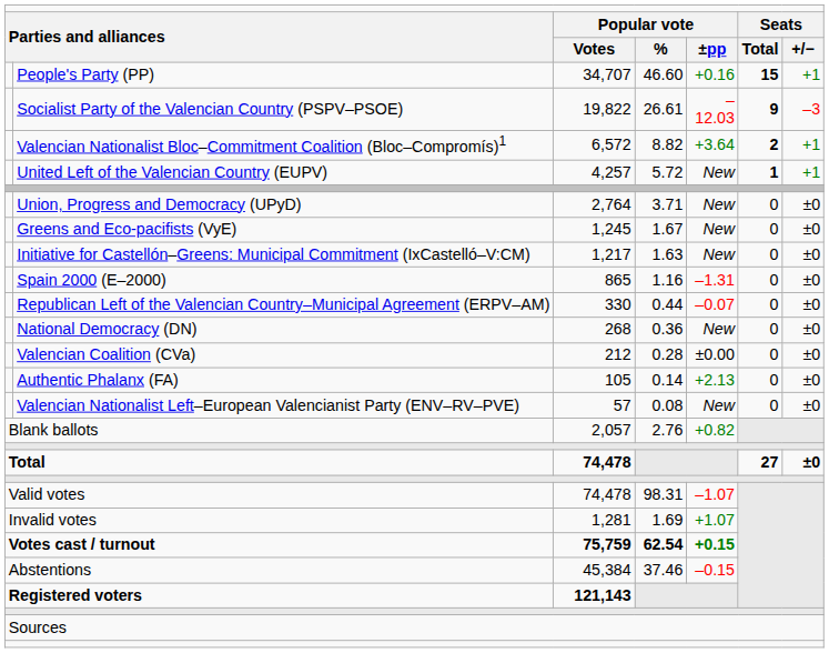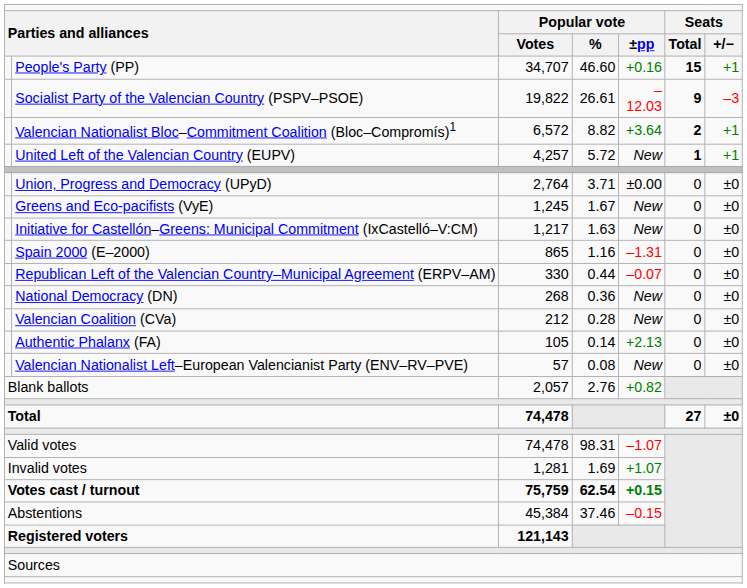 <table class="wikitable" style="text-align:right;">
 <tr>
 <td colspan="7"></td>
 </tr>
 <tr>
 <th style="text-align:left;" rowspan="2" colspan="2" width="525">Parties and alliances</th>
 <th colspan="3">Popular vote</th>
 <th colspan="2">Seats</th>
 </tr>
 <tr>
 <th width="75">Votes</th>
 <th width="45">%</th>
 <th width="45">±<a href='#'>pp</a></th>
 <th width="35">Total</th>
 <th width="35">+/−</th>
 </tr>
 <tr>
 <td width="1" style="color:inherit;background:"></td>
 <td align="left"><a href='#'>People's Party</a> (PP)</td>
 <td>34,707</td>
 <td>46.60</td>
 <td style="color:green;">+0.16</td>
 <td><strong>15</strong></td>
 <td style="color:green;">+1</td>
 </tr>
 <tr>
 <td style="color:inherit;background:"></td>
 <td align="left"><a href='#'>Socialist Party of the Valencian Country</a> (PSPV–PSOE)</td>
 <td>19,822</td>
 <td>26.61</td>
 <td style="color:red;">–12.03</td>
 <td><strong>9</strong></td>
 <td style="color:red;">–3</td>
 </tr>
 <tr>
 <td style="color:inherit;background:"></td>
 <td align="left"><a href='#'>Valencian Nationalist Bloc</a>–<a href='#'>Commitment Coalition</a> (Bloc–Compromís)<sup>1</sup></td>
 <td>6,572</td>
 <td>8.82</td>
 <td style="color:green;">+3.64</td>
 <td><strong>2</strong></td>
 <td style="color:green;">+1</td>
 </tr>
 <tr>
 <td style="color:inherit;background:"></td>
 <td align="left"><a href='#'>United Left of the Valencian Country</a> (EUPV)</td>
 <td>4,257</td>
 <td>5.72</td>
 <td><em>New</em></td>
 <td><strong>1</strong></td>
 <td style="color:green;">+1</td>
 </tr>
 <tr>
 <td colspan="7" bgcolor="#C0C0C0"></td>
 </tr>
 <tr>
 <td style="color:inherit;background:"></td>
 <td align="left"><a href='#'>Union, Progress and Democracy</a> (UPyD)</td>
 <td>2,764</td>
 <td>3.71</td>
-<td><em>New</em></td>
+<td>±0.00</td>
 <td>0</td>
 <td>±0</td>
 </tr>
 <tr>
 <td style="color:inherit;background:"></td>
 <td align="left"><a href='#'>Greens and Eco-pacifists</a> (VyE)</td>
 <td>1,245</td>
 <td>1.67</td>
 <td><em>New</em></td>
 <td>0</td>
 <td>±0</td>
 </tr>
 <tr>
 <td style="color:inherit;background:"></td>
 <td align="left"><a href='#'>Initiative for Castellón</a>–<a href='#'>Greens: Municipal Commitment</a> (IxCastelló–V:CM)</td>
 <td>1,217</td>
 <td>1.63</td>
 <td><em>New</em></td>
 <td>0</td>
 <td>±0</td>
 </tr>
 <tr>
 <td style="color:inherit;background:"></td>
 <td align="left"><a href='#'>Spain 2000</a> (E–2000)</td>
 <td>865</td>
 <td>1.16</td>
 <td style="color:red;">–1.31</td>
 <td>0</td>
 <td>±0</td>
 </tr>
 <tr>
 <td style="color:inherit;background:"></td>
 <td align="left"><a href='#'>Republican Left of the Valencian Country–Municipal Agreement</a> (ERPV–AM)</td>
 <td>330</td>
 <td>0.44</td>
 <td style="color:red;">–0.07</td>
 <td>0</td>
 <td>±0</td>
 </tr>
 <tr>
 <td style="color:inherit;background:"></td>
 <td align="left"><a href='#'>National Democracy</a> (DN)</td>
 <td>268</td>
 <td>0.36</td>
 <td><em>New</em></td>
 <td>0</td>
 <td>±0</td>
 </tr>
 <tr>
 <td style="color:inherit;background:"></td>
 <td align="left"><a href='#'>Valencian Coalition</a> (CVa)</td>
 <td>212</td>
 <td>0.28</td>
-<td>±0.00</td>
+<td><em>New</em></td>
 <td>0</td>
 <td>±0</td>
 </tr>
 <tr>
 <td style="color:inherit;background:"></td>
 <td align="left"><a href='#'>Authentic Phalanx</a> (FA)</td>
 <td>105</td>
 <td>0.14</td>
 <td style="color:green;">+2.13</td>
 <td>0</td>
 <td>±0</td>
 </tr>
 <tr>
 <td style="color:inherit;background:"></td>
 <td align="left"><a href='#'>Valencian Nationalist Left</a>–European Valencianist Party (ENV–RV–PVE)</td>
 <td>57</td>
 <td>0.08</td>
 <td><em>New</em></td>
 <td>0</td>
 <td>±0</td>
 </tr>
 <tr>
 <td align="left" colspan="2">Blank ballots</td>
 <td>2,057</td>
 <td>2.76</td>
 <td style="color:green;">+0.82</td>
 <td bgcolor="#E9E9E9" colspan="2"></td>
 </tr>
 <tr>
 <td colspan="7" bgcolor="#E9E9E9"></td>
 </tr>
 <tr style="font-weight:bold;">
 <td align="left" colspan="2">Total</td>
 <td>74,478</td>
 <td bgcolor="#E9E9E9" colspan="2"></td>
 <td>27</td>
 <td>±0</td>
 </tr>
 <tr>
 <td colspan="7" bgcolor="#E9E9E9"></td>
 </tr>
 <tr>
 <td align="left" colspan="2">Valid votes</td>
 <td>74,478</td>
 <td>98.31</td>
 <td style="color:red;">–1.07</td>
 <td bgcolor="#E9E9E9" colspan="2" rowspan="5"></td>
 </tr>
 <tr>
 <td align="left" colspan="2">Invalid votes</td>
 <td>1,281</td>
 <td>1.69</td>
 <td style="color:green;">+1.07</td>
 </tr>
 <tr style="font-weight:bold;">
 <td align="left" colspan="2">Votes cast / turnout</td>
 <td>75,759</td>
 <td>62.54</td>
 <td style="color:green;">+0.15</td>
 </tr>
 <tr>
 <td align="left" colspan="2">Abstentions</td>
 <td>45,384</td>
 <td>37.46</td>
 <td style="color:red;">–0.15</td>
 </tr>
 <tr style="font-weight:bold;">
 <td align="left" colspan="2">Registered voters</td>
 <td>121,143</td>
 <td bgcolor="#E9E9E9" colspan="2"></td>
 </tr>
 <tr>
 <td colspan="7" bgcolor="#E9E9E9"></td>
 </tr>
 <tr>
 <td align="left" colspan="7">Sources</td>
 </tr>
 <tr>
 <td colspan="7" style="text-align:left; max-width:790px;"></td>
 </tr>
 </table>
